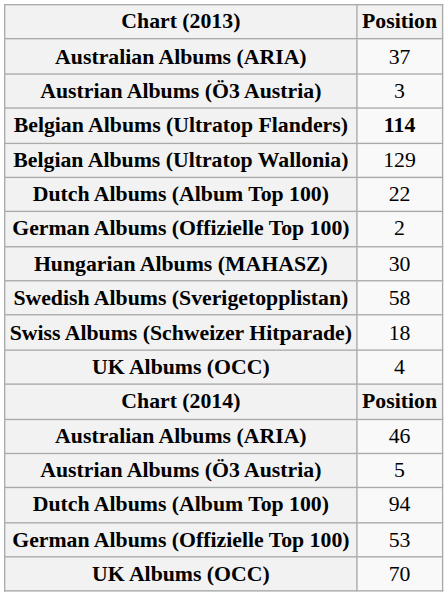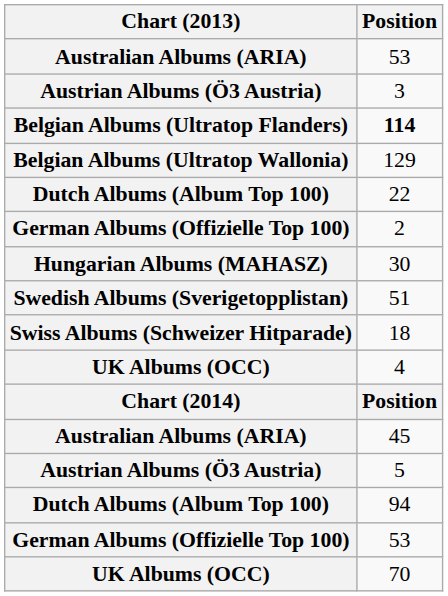 <table class="wikitable sortable plainrowheaders" style="text-align:center">
 <tr>
 <th scope="col">Chart (2013)</th>
 <th scope="col">Position</th>
 </tr>
 <tr>
 <th scope="row">Australian Albums (ARIA)</th>
-<td>37</td>
+<td>53</td>
 </tr>
 <tr>
 <th scope="row">Austrian Albums (Ö3 Austria)</th>
 <td>3</td>
 </tr>
 <tr>
 <th scope="row">Belgian Albums (Ultratop Flanders)</th>
 <td><strong>114</strong></td>
 </tr>
 <tr>
 <th scope="row">Belgian Albums (Ultratop Wallonia)</th>
 <td>129</td>
 </tr>
 <tr>
 <th scope="row">Dutch Albums (Album Top 100)</th>
 <td>22</td>
 </tr>
 <tr>
 <th scope="row">German Albums (Offizielle Top 100)</th>
 <td>2</td>
 </tr>
 <tr>
 <th scope="row">Hungarian Albums (MAHASZ)</th>
 <td>30</td>
 </tr>
 <tr>
 <th scope="row">Swedish Albums (Sverigetopplistan)</th>
-<td>58</td>
+<td>51</td>
 </tr>
 <tr>
 <th scope="row">Swiss Albums (Schweizer Hitparade)</th>
 <td>18</td>
 </tr>
 <tr>
 <th scope="row">UK Albums (OCC)</th>
 <td>4</td>
 </tr>
 <tr>
 <th scope="col">Chart (2014)</th>
 <th scope="col">Position</th>
 </tr>
 <tr>
 <th scope="row">Australian Albums (ARIA)</th>
-<td>46</td>
+<td>45</td>
 </tr>
 <tr>
 <th scope="row">Austrian Albums (Ö3 Austria)</th>
 <td>5</td>
 </tr>
 <tr>
 <th scope="row">Dutch Albums (Album Top 100)</th>
 <td>94</td>
 </tr>
 <tr>
 <th scope="row">German Albums (Offizielle Top 100)</th>
 <td>53</td>
 </tr>
 <tr>
 <th scope="row">UK Albums (OCC)</th>
 <td>70</td>
 </tr>
 </table>
